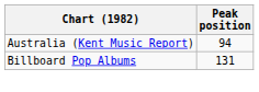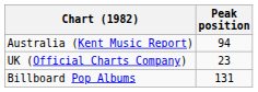 <table class="wikitable">
 <tr>
 <th scope="col">Chart (1982)</th>
 <th>Peak<br>position</th>
 </tr>
 <tr>
 <td>Australia (<a href='#'>Kent Music Report</a>)</td>
 <td style="text-align:center;">94</td>
 </tr>
 <tr>
+<td>UK (<a href='#'>Official Charts Company</a>)</td>
+<td align="center">23</td>
+</tr>
+<tr>
 <td>Billboard <a href='#'>Pop Albums</a></td>
 <td align="center">131</td>
 </tr>
 </table>
